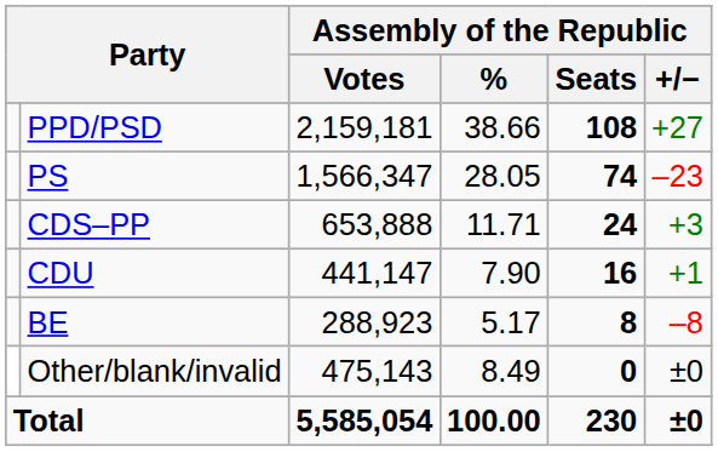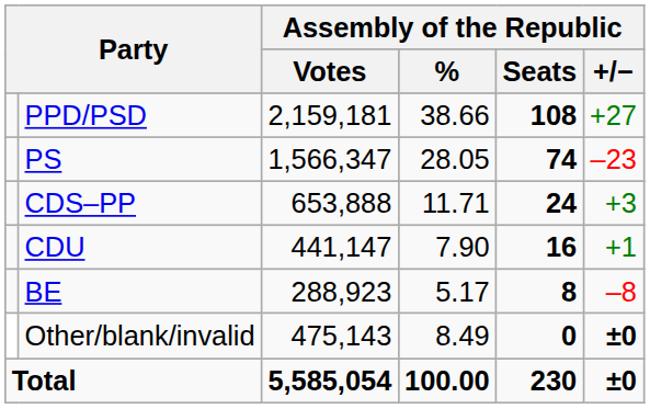 <table class="wikitable" style="text-align:right; font-size:95%;">
 <tr>
 <th colspan="2" rowspan="2">Party</th>
 <th colspan="4">Assembly of the Republic</th>
 </tr>
 <tr>
 <th>Votes</th>
 <th>%</th>
 <th>Seats</th>
 <th>+/−</th>
 </tr>
 <tr>
 <td style="background:"></td>
 <td align="left"><a href='#'>PPD/PSD</a></td>
 <td>2,159,181</td>
 <td>38.66</td>
 <td><strong>108</strong></td>
 <td style="color:green;">+27</td>
 </tr>
 <tr>
 <td style="background:"></td>
 <td align="left"><a href='#'>PS</a></td>
 <td>1,566,347</td>
 <td>28.05</td>
 <td><strong>74</strong></td>
 <td style="color:red;">–23</td>
 </tr>
 <tr>
 <td style="background:"></td>
 <td align="left"><a href='#'>CDS–PP</a></td>
 <td>653,888</td>
 <td>11.71</td>
 <td><strong>24</strong></td>
 <td style="color:green;">+3</td>
 </tr>
 <tr>
 <td style="background:"></td>
 <td align="left"><a href='#'>CDU</a></td>
 <td>441,147</td>
 <td>7.90</td>
 <td><strong>16</strong></td>
 <td style="color:green;">+1</td>
 </tr>
 <tr>
 <td style="background:"></td>
 <td align="left"><a href='#'>BE</a></td>
 <td>288,923</td>
 <td>5.17</td>
 <td><strong>8</strong></td>
 <td style="color:red;">–8</td>
 </tr>
 <tr>
 <td style="background:white;"></td>
 <td align="left">Other/blank/invalid</td>
 <td>475,143</td>
 <td>8.49</td>
 <td><strong>0</strong></td>
-<td>±0</td>
+<td><strong>±0</strong></td>
 </tr>
 <tr style="font-weight:bold">
 <td colspan="2" align="left">Total</td>
 <td>5,585,054</td>
 <td>100.00</td>
 <td>230</td>
 <td>±0</td>
 </tr>
 </table>
